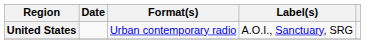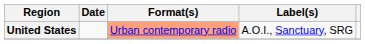 <table class="wikitable plainrowheaders" style="text-align:left">
 <tr>
 <th scope="col">Region</th>
 <th scope="col">Date</th>
 <th scope="col">Format(s)</th>
 <th scope="col">Label(s)</th>
 <th scope="col"></th>
 </tr>
 <tr>
 <th scope="row">United States</th>
 <td></td>
-<td><a href='#'>Urban contemporary radio</a></td>
+<td style="background: lightsalmon;"><a href='#'>Urban contemporary radio</a></td>
 <td>A.O.I., <a href='#'>Sanctuary</a>, SRG</td>
 <td></td>
 </tr>
 <tr>
 </tr>
 </table>
